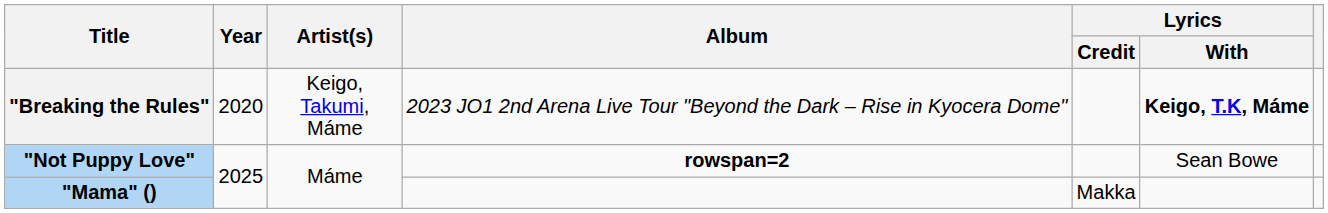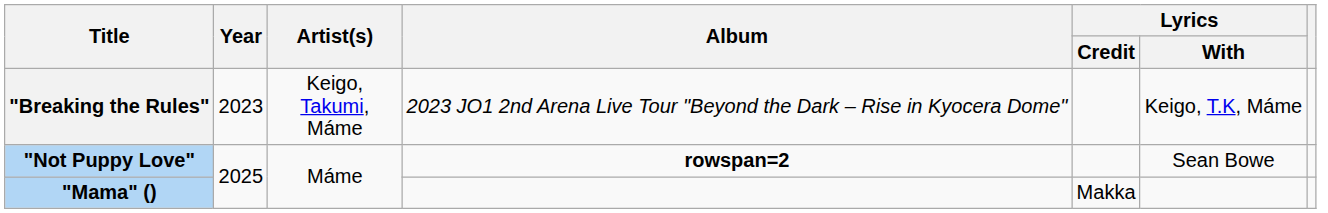 <table class="wikitable sortable plainrowheaders" style="text-align:center">
 <tr>
 <th scope="col" rowspan=2>Title</th>
 <th scope="col" rowspan=2>Year</th>
 <th scope="col" rowspan=2 width=100>Artist(s)</th>
 <th scope="col" rowspan=2>Album</th>
 <th scope="col" colspan=2>Lyrics</th>
 <th scope="col" rowspan=2 class="unsortable"></th>
 </tr>
 <tr>
 <th scope="col">Credit</th>
 <th scope="col" class="unsortable">With</th>
 </tr>
 <tr>
 <th scope="row">"Breaking the Rules"</th>
-<td>2020</td>
+<td>2023</td>
 <td>Keigo, <a href='#'>Takumi</a>, Máme</td>
 <td><em>2023 JO1 2nd Arena Live Tour "Beyond the Dark – Rise in Kyocera Dome"</em></td>
 <td></td>
-<td><strong>Keigo, <a href='#'>T.K</a>, Máme</strong></td>
+<td>Keigo, <a href='#'>T.K</a>, Máme</td>
 <td></td>
 </tr>
 <tr>
 <th scope="row" style="background-color:#b1d6f5">"Not Puppy Love" </th>
 <td rowspan=2>2025</td>
 <td rowspan=2>Máme</td>
 <td><strong>rowspan=2  </strong></td>
 <td></td>
 <td>Sean Bowe</td>
 <td></td>
 </tr>
 <tr>
 <th scope="row" style="background-color:#b1d6f5">"Mama" () </th>
 <td></td>
 <td>Makka</td>
 <td></td>
 </tr>
 </table>
